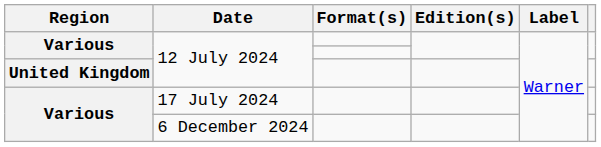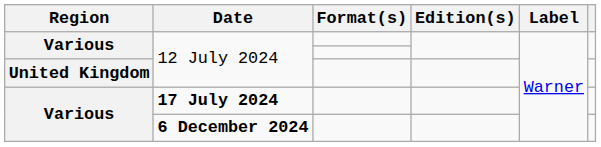 <table class="wikitable plainrowheaders">
 <tr>
 <th scope="col">Region</th>
 <th scope="col">Date</th>
 <th scope="col">Format(s)</th>
 <th scope="col">Edition(s)</th>
 <th scope="col">Label</th>
 <th scope="col"></th>
 </tr>
 <tr>
 <th rowspan="2" scope="row">Various</th>
 <td rowspan="3">12 July 2024</td>
 <td></td>
 <td rowspan="2"></td>
 <td rowspan="5"><a href='#'>Warner</a></td>
 <td rowspan="2" style="text-align:center;"></td>
 </tr>
 <tr>
 <td></td>
 </tr>
 <tr>
 <th scope="row">United Kingdom</th>
 <td></td>
 <td></td>
 <td style="text-align:center;"></td>
 </tr>
 <tr>
 <th rowspan="2" scope="row">Various</th>
-<td>17 July 2024</td>
+<td><strong>17 July 2024</strong></td>
 <td></td>
 <td></td>
 <td></td>
 </tr>
 <tr>
-<td>6 December 2024</td>
+<td><strong>6 December 2024</strong></td>
 <td></td>
 <td></td>
 <td></td>
 </tr>
 </table>
